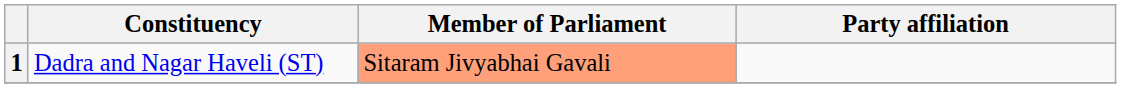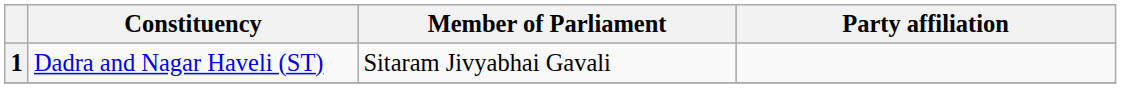 <table class="wikitable sortable">
 <tr style="text-align:center;">
 <th></th>
 <th style="width:13em">Constituency</th>
 <th style="width:15em">Member of Parliament</th>
 <th colspan="2" style="width:15em">Party affiliation</th>
 </tr>
 <tr>
 <th>1</th>
 <td><a href='#'>Dadra and Nagar Haveli (ST)</a></td>
-<td style="background: lightsalmon;">Sitaram Jivyabhai Gavali</td>
+<td>Sitaram Jivyabhai Gavali</td>
 <td></td>
 </tr>
 <tr>
 </tr>
 </table>
